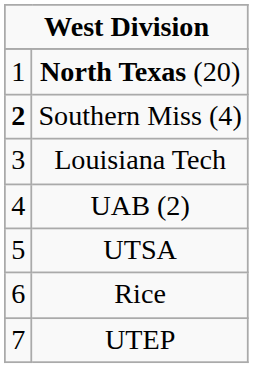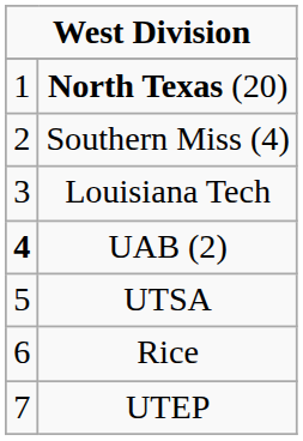 <table class="wikitable">
 <tr align="center">
 <td align="center" Colspan="2"><strong>West Division</strong></td>
 </tr>
 <tr align="center">
 </tr>
 <tr align="center">
 <td>1</td>
 <td><strong>North Texas</strong> (20)</td>
 </tr>
 <tr align="center">
-<td><strong>2</strong></td>
+<td>2</td>
 <td>Southern Miss (4)</td>
 </tr>
 <tr align="center">
 <td>3</td>
 <td>Louisiana Tech</td>
 </tr>
 <tr align="center">
-<td>4</td>
+<td><strong>4</strong></td>
 <td>UAB (2)</td>
 </tr>
 <tr align="center">
 <td>5</td>
 <td>UTSA</td>
 </tr>
 <tr align="center">
 <td>6</td>
 <td>Rice</td>
 </tr>
 <tr align="center">
 <td>7</td>
 <td>UTEP</td>
 </tr>
 </table>
